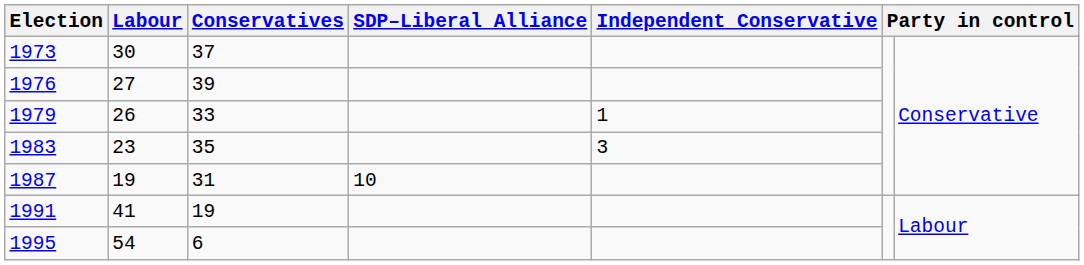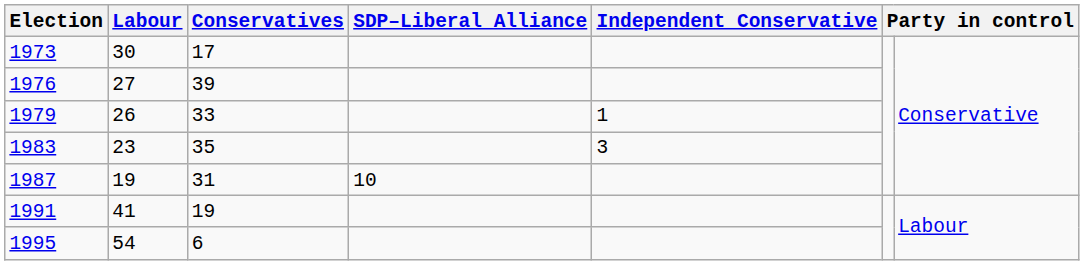 <table class="wikitable">
 <tr>
 <th>Election</th>
 <th><a href='#'>Labour</a></th>
 <th><a href='#'>Conservatives</a></th>
 <th><a href='#'>SDP–Liberal Alliance</a></th>
 <th><a href='#'>Independent Conservative</a></th>
 <th colspan="2">Party in control</th>
 </tr>
 <tr>
 <td><a href='#'>1973</a></td>
 <td>30</td>
-<td>37</td>
+<td>17</td>
 <td></td>
 <td></td>
 <td rowspan="5" style="background-color: "></td>
 <td rowspan="5"><a href='#'>Conservative</a></td>
 </tr>
 <tr>
 <td><a href='#'>1976</a></td>
 <td>27</td>
 <td>39</td>
 <td></td>
 <td></td>
 </tr>
 <tr>
 <td><a href='#'>1979</a></td>
 <td>26</td>
 <td>33</td>
 <td></td>
 <td>1</td>
 </tr>
 <tr>
 <td><a href='#'>1983</a></td>
 <td>23</td>
 <td>35</td>
 <td></td>
 <td>3</td>
 </tr>
 <tr>
 <td><a href='#'>1987</a></td>
 <td>19</td>
 <td>31</td>
 <td>10</td>
 <td></td>
 </tr>
 <tr>
 <td><a href='#'>1991</a></td>
 <td>41</td>
 <td>19</td>
 <td></td>
 <td></td>
 <td rowspan="2" style="background-color: "></td>
 <td rowspan="2"><a href='#'>Labour</a></td>
 </tr>
 <tr>
 <td><a href='#'>1995</a></td>
 <td>54</td>
 <td>6</td>
 <td></td>
 <td></td>
 </tr>
 </table>
